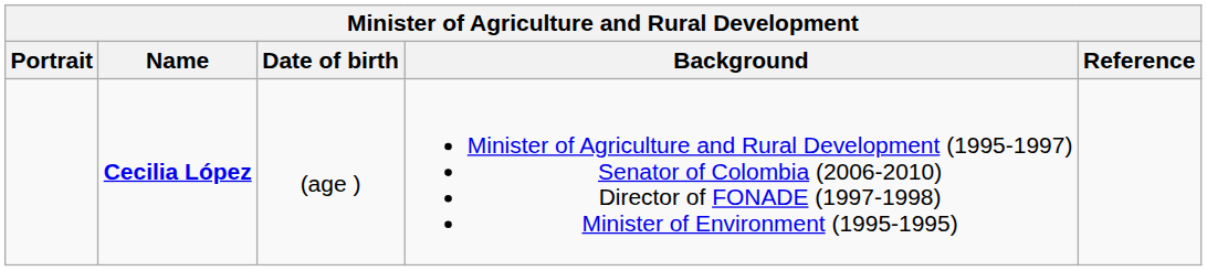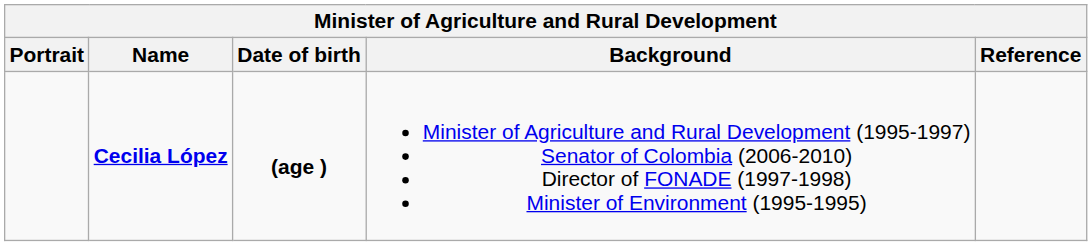 <table class="wikitable collapsible" style="text-align:center;">
 <tr>
 <th colspan="5">Minister of Agriculture and Rural Development</th>
 </tr>
 <tr>
 <th>Portrait</th>
 <th>Name</th>
 <th>Date of birth</th>
 <th>Background</th>
 <th>Reference</th>
 </tr>
 <tr>
 <td></td>
 <td><strong><a href='#'>Cecilia López</a></strong></td>
-<td><br>(age )</td>
+<td><strong><br>(age )</strong></td>
 <td><br><ul><li><a href='#'>Minister of Agriculture and Rural Development</a> (1995-1997)</li><li><a href='#'>Senator of Colombia</a> (2006-2010)</li><li>Director of <a href='#'>FONADE</a> (1997-1998)</li><li><a href='#'>Minister of Environment</a> (1995-1995)</li></ul></td>
 <td></td>
 </tr>
 </table>
